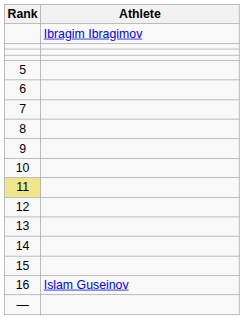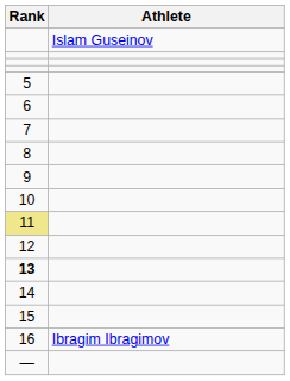 <table class="wikitable" style="text-align: center;">
 <tr>
 <th width=40>Rank</th>
 <th width=250>Athlete</th>
 </tr>
 <tr>
 <td></td>
-<td align="left"> <a href='#'>Ibragim Ibragimov</a> </td>
+<td align="left"> <a href='#'>Islam Guseinov</a> </td>
 </tr>
 <tr>
 <td></td>
 <td align="left"></td>
 </tr>
 <tr>
 <td></td>
 <td align="left"></td>
 </tr>
 <tr>
 <td></td>
 <td align="left"></td>
 </tr>
 <tr>
 <td>5</td>
 <td align="left"></td>
 </tr>
 <tr>
 <td>6</td>
 <td align="left"></td>
 </tr>
 <tr>
 <td>7</td>
 <td align="left"></td>
 </tr>
 <tr>
 <td>8</td>
 <td align="left"></td>
 </tr>
 <tr>
 <td>9</td>
 <td align="left"></td>
 </tr>
 <tr>
 <td>10</td>
 <td align="left"></td>
 </tr>
 <tr>
 <td style="background: khaki;">11</td>
 <td align="left"></td>
 </tr>
 <tr>
 <td>12</td>
 <td align="left"></td>
 </tr>
 <tr>
-<td>13</td>
+<td><strong>13</strong></td>
 <td align="left"></td>
 </tr>
 <tr>
 <td>14</td>
 <td align="left"></td>
 </tr>
 <tr>
 <td>15</td>
 <td align="left"></td>
 </tr>
 <tr>
 <td>16</td>
-<td align="left"> <a href='#'>Islam Guseinov</a> </td>
+<td align="left"> <a href='#'>Ibragim Ibragimov</a> </td>
 </tr>
 <tr>
 <td>—</td>
 <td align="left"></td>
 </tr>
 </table>
